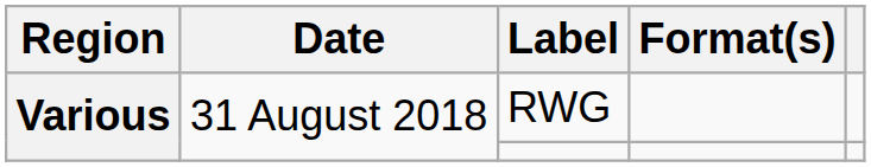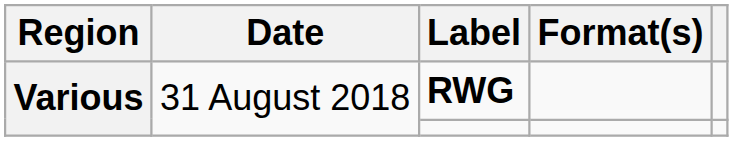 <table class="wikitable plainrowheaders">
 <tr>
 <th scope="col">Region</th>
 <th scope="col">Date</th>
 <th scope="col">Label</th>
 <th scope="col">Format(s)</th>
 <th scope="col"></th>
 </tr>
 <tr>
 <th scope="row" rowspan="2">Various</th>
 <td rowspan="4">31 August 2018</td>
-<td>RWG</td>
+<td><strong>RWG</strong></td>
 <td></td>
 <td style="text-align:center;"></td>
 </tr>
 <tr>
 <td></td>
 <td></td>
 <td style="text-align:center;"></td>
 </tr>
 </table>
